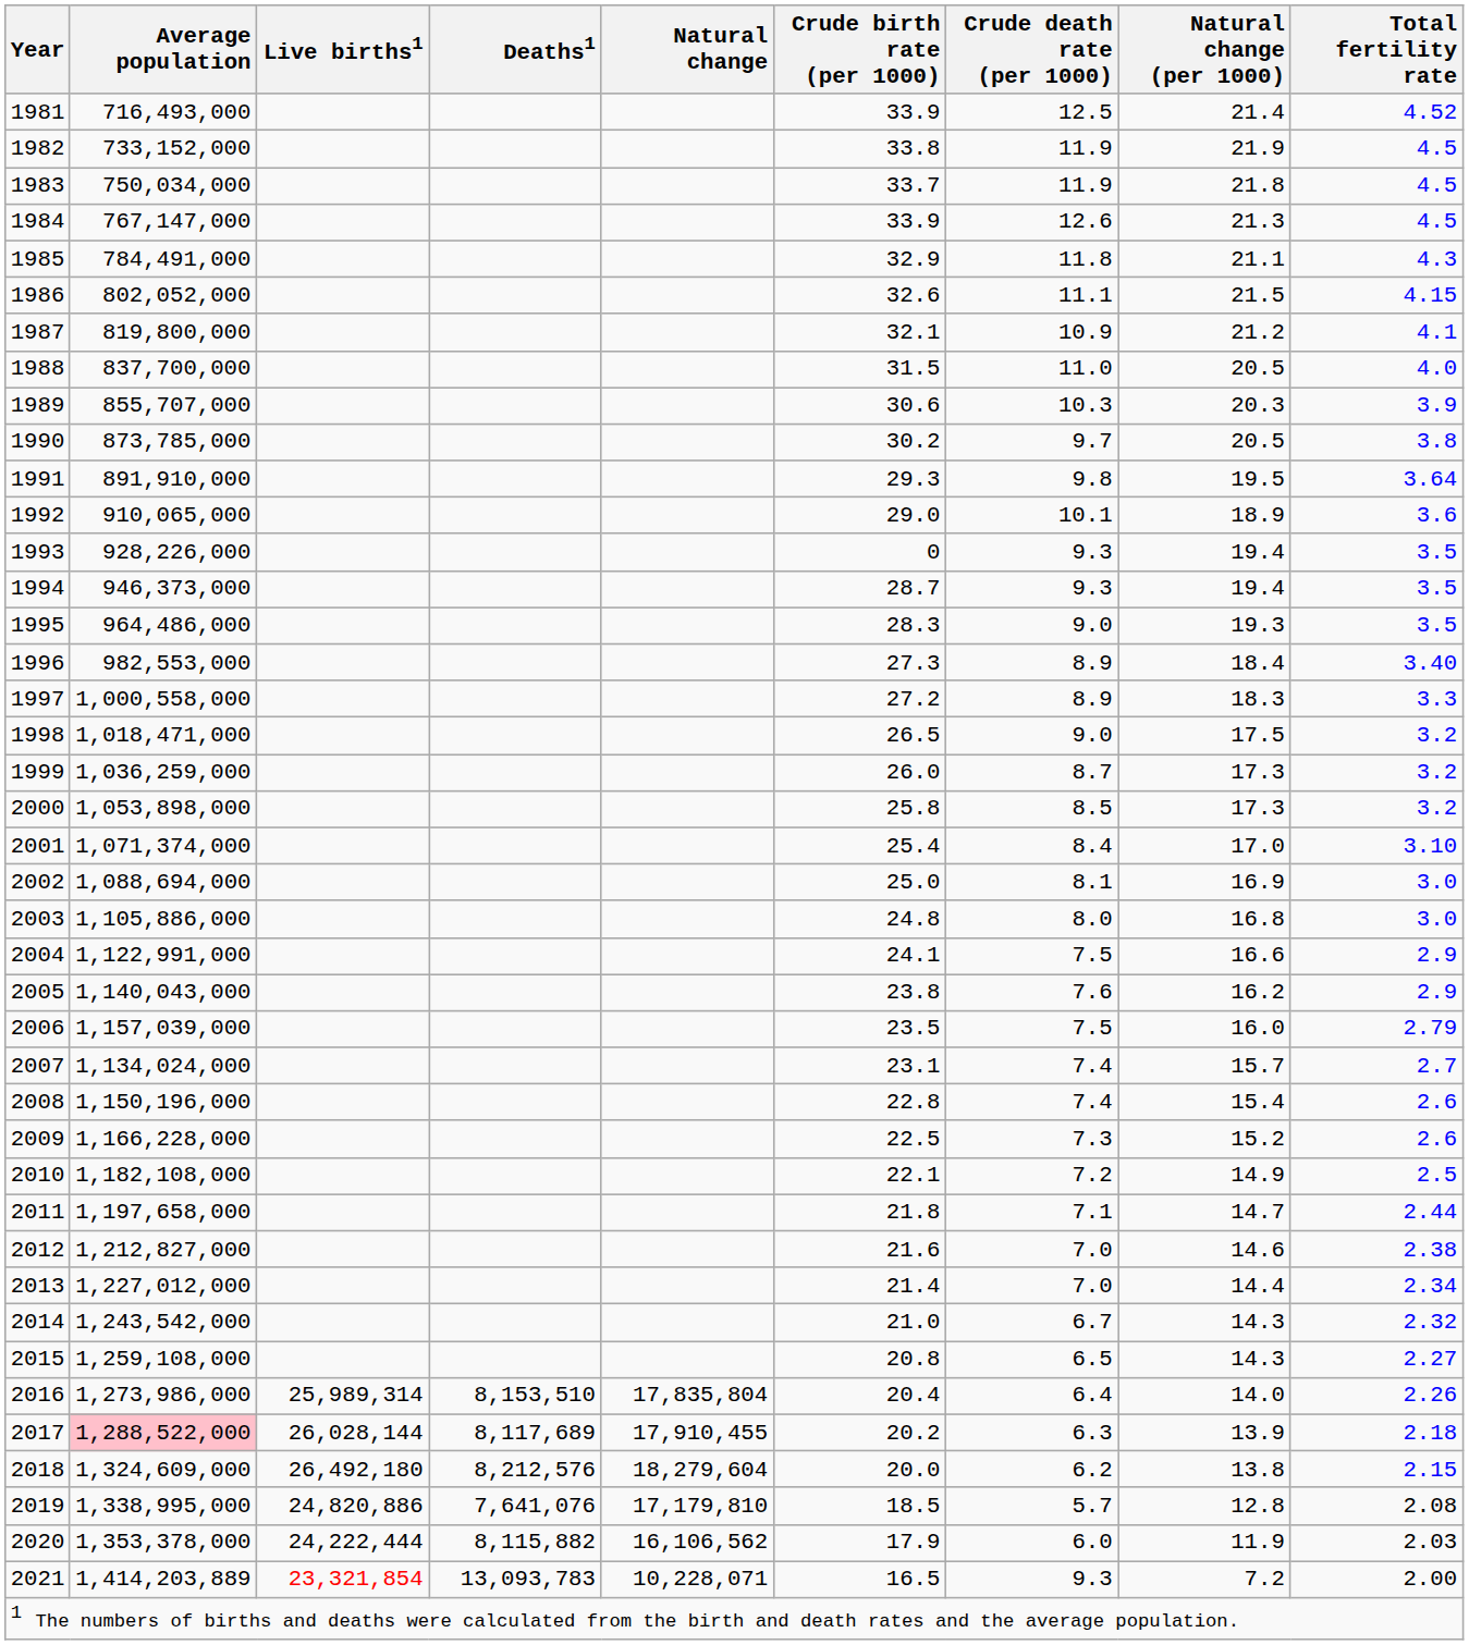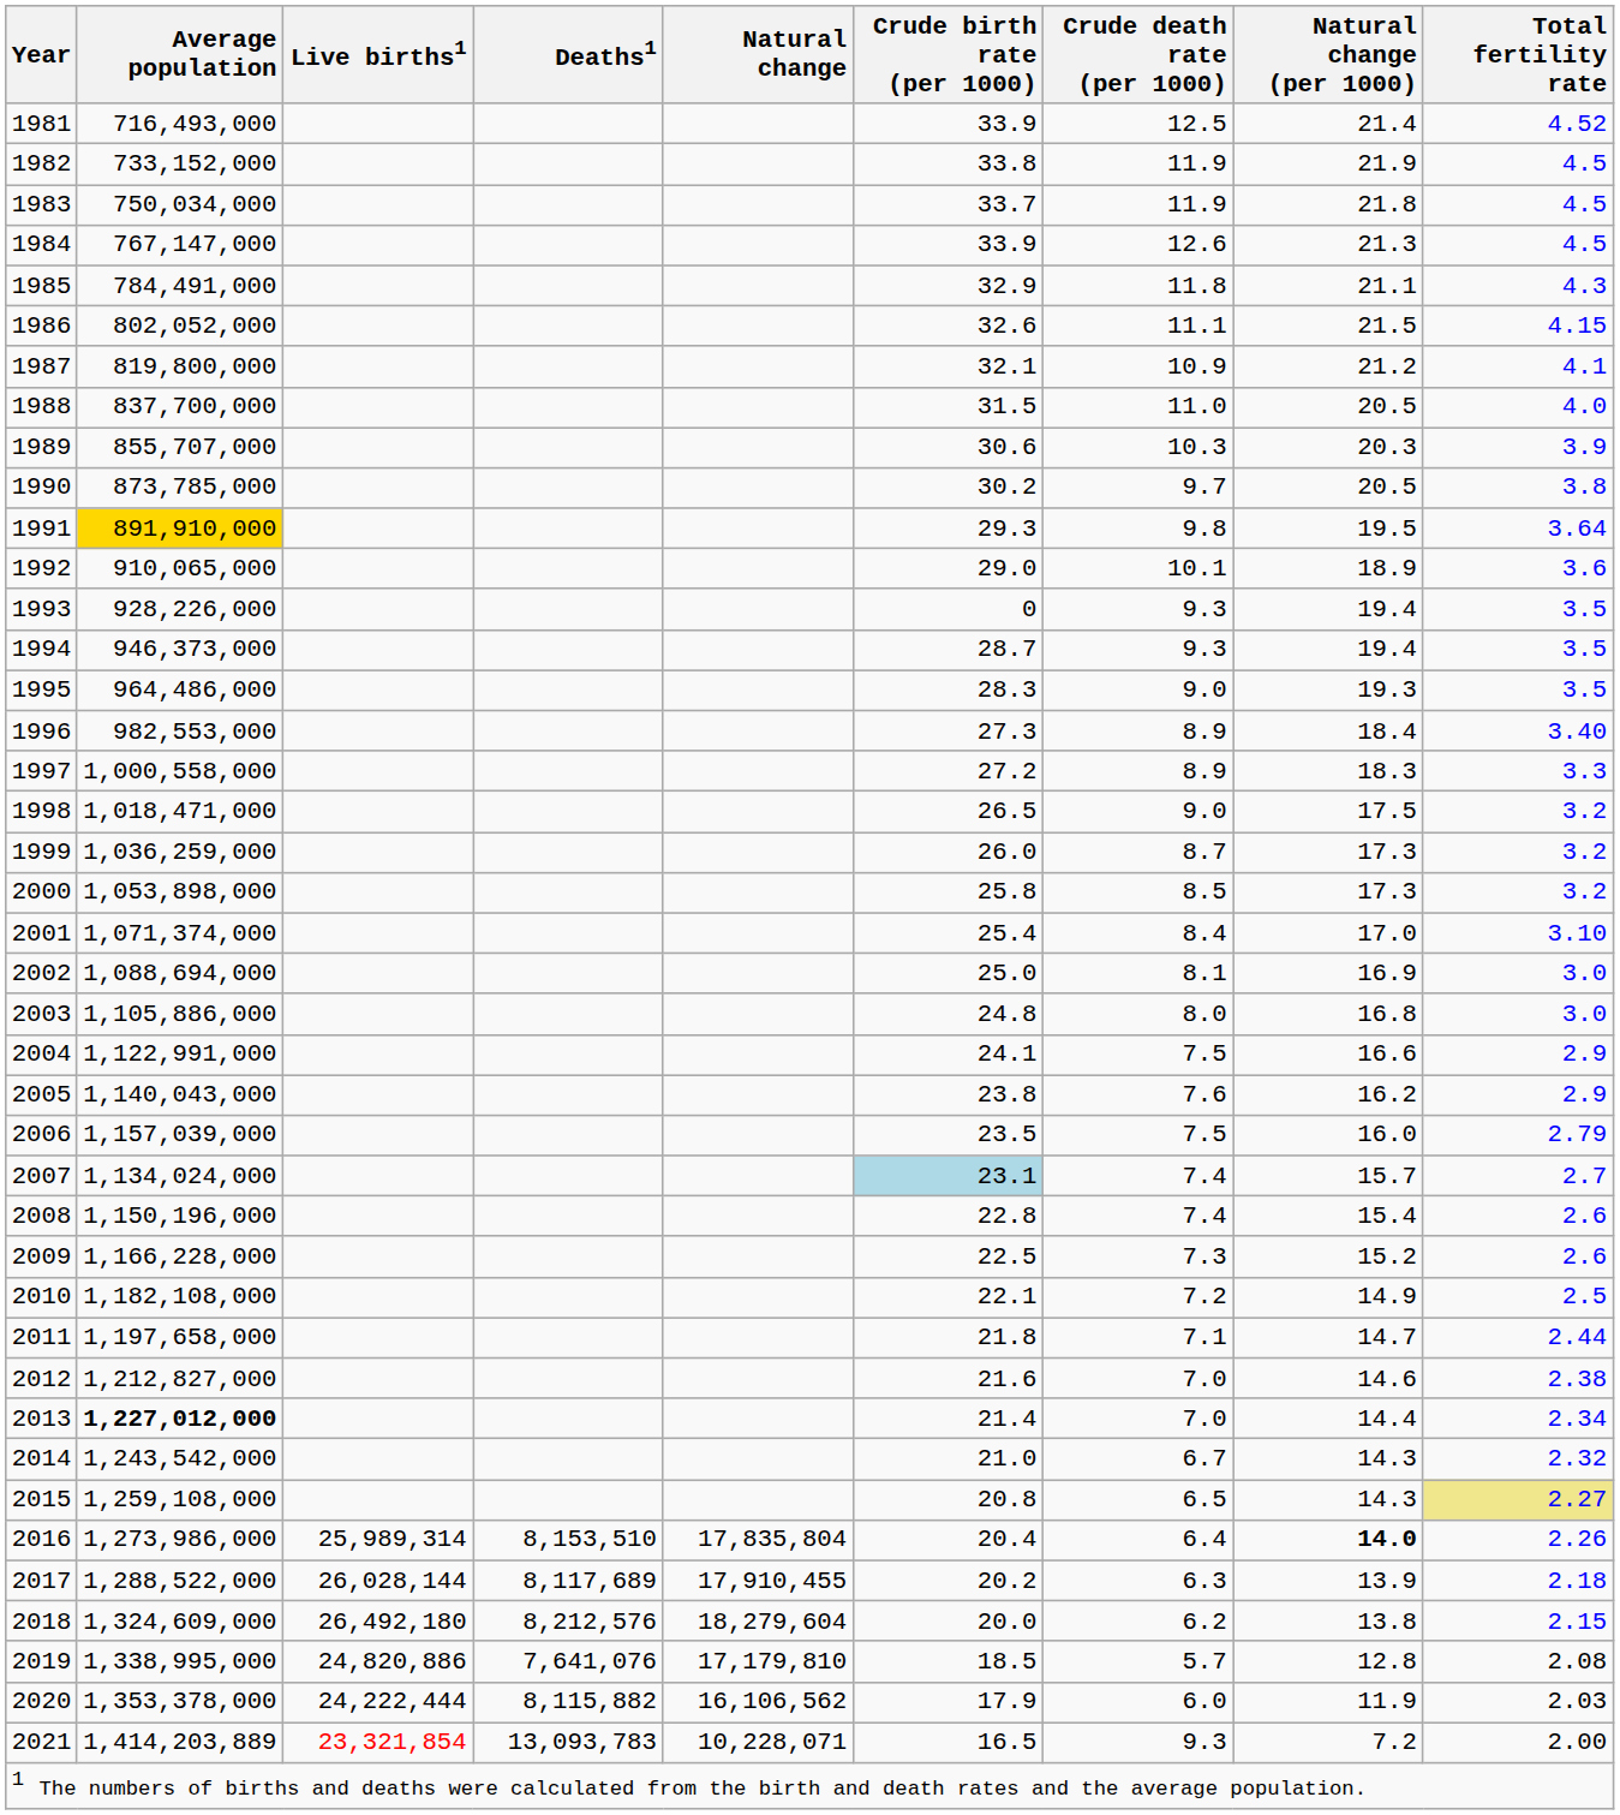 <table class="wikitable sortable">
 <tr>
 <th scope="col" style="text-align: left;">Year</th>
 <th scope="col" style="text-align: right; width: 70pt;" data-sort-type="number">Average population<br></th>
 <th scope="col" style="text-align: right; width: 70pt;" data-sort-type="number">Live births<sup>1</sup></th>
 <th scope="col" style="text-align: right; width: 70pt;" data-sort-type="number">Deaths<sup>1</sup></th>
 <th scope="col" style="text-align: right; width: 70pt;" data-sort-type="number">Natural change</th>
 <th scope="col" style="text-align: right; width: 70pt;" data-sort-type="number">Crude birth rate<br>(per 1000)</th>
 <th scope="col" style="text-align: right; width: 70pt;" data-sort-type="number">Crude death rate<br>(per 1000)</th>
 <th scope="col" style="text-align: right; width: 70pt;" data-sort-type="number">Natural change<br>(per 1000)</th>
 <th scope="col" style="text-align: right; width: 70pt;" data-sort-type="number">Total fertility rate</th>
 </tr>
 <tr>
 <td>1981</td>
 <td style="text-align: right;">716,493,000</td>
 <td style="text-align: right;"></td>
 <td style="text-align: right;"></td>
 <td style="text-align: right;"></td>
 <td style="text-align: right;">33.9</td>
 <td style="text-align: right;">12.5</td>
 <td style="text-align: right;">21.4</td>
 <td style="text-align: right; color:blue;">4.52</td>
 </tr>
 <tr>
 <td>1982</td>
 <td style="text-align: right;">733,152,000</td>
 <td style="text-align: right;"></td>
 <td style="text-align: right;"></td>
 <td style="text-align: right;"></td>
 <td style="text-align: right;">33.8</td>
 <td style="text-align: right;">11.9</td>
 <td style="text-align: right;">21.9</td>
 <td style="text-align: right; color:blue;">4.5</td>
 </tr>
 <tr>
 <td>1983</td>
 <td style="text-align: right;">750,034,000</td>
 <td style="text-align: right;"></td>
 <td style="text-align: right;"></td>
 <td style="text-align: right;"></td>
 <td style="text-align: right;">33.7</td>
 <td style="text-align: right;">11.9</td>
 <td style="text-align: right;">21.8</td>
 <td style="text-align: right; color:blue;">4.5</td>
 </tr>
 <tr>
 <td>1984</td>
 <td style="text-align: right;">767,147,000</td>
 <td style="text-align: right;"></td>
 <td style="text-align: right;"></td>
 <td style="text-align: right;"></td>
 <td style="text-align: right;">33.9</td>
 <td style="text-align: right;">12.6</td>
 <td style="text-align: right;">21.3</td>
 <td style="text-align: right; color:blue;">4.5</td>
 </tr>
 <tr>
 <td>1985</td>
 <td style="text-align: right;">784,491,000</td>
 <td style="text-align: right;"></td>
 <td style="text-align: right;"></td>
 <td style="text-align: right;"></td>
 <td style="text-align: right;">32.9</td>
 <td style="text-align: right;">11.8</td>
 <td style="text-align: right;">21.1</td>
 <td style="text-align: right; color:blue;">4.3</td>
 </tr>
 <tr>
 <td>1986</td>
 <td style="text-align: right;">802,052,000</td>
 <td style="text-align: right;"></td>
 <td style="text-align: right;"></td>
 <td style="text-align: right;"></td>
 <td style="text-align: right;">32.6</td>
 <td style="text-align: right;">11.1</td>
 <td style="text-align: right;">21.5</td>
 <td style="text-align: right; color:blue;">4.15</td>
 </tr>
 <tr>
 <td>1987</td>
 <td style="text-align: right;">819,800,000</td>
 <td style="text-align: right;"></td>
 <td style="text-align: right;"></td>
 <td style="text-align: right;"></td>
 <td style="text-align: right;">32.1</td>
 <td style="text-align: right;">10.9</td>
 <td style="text-align: right;">21.2</td>
 <td style="text-align: right; color:blue;">4.1</td>
 </tr>
 <tr>
 <td>1988</td>
 <td style="text-align: right;">837,700,000</td>
 <td style="text-align: right;"></td>
 <td style="text-align: right;"></td>
 <td style="text-align: right;"></td>
 <td style="text-align: right;">31.5</td>
 <td style="text-align: right;">11.0</td>
 <td style="text-align: right;">20.5</td>
 <td style="text-align: right; color:blue;">4.0</td>
 </tr>
 <tr>
 <td>1989</td>
 <td style="text-align: right;">855,707,000</td>
 <td style="text-align: right;"></td>
 <td style="text-align: right;"></td>
 <td style="text-align: right;"></td>
 <td style="text-align: right;">30.6</td>
 <td style="text-align: right;">10.3</td>
 <td style="text-align: right;">20.3</td>
 <td style="text-align: right; color:blue;">3.9</td>
 </tr>
 <tr>
 <td>1990</td>
 <td style="text-align: right;">873,785,000</td>
 <td style="text-align: right;"></td>
 <td style="text-align: right;"></td>
 <td style="text-align: right;"></td>
 <td style="text-align: right;">30.2</td>
 <td style="text-align: right;">9.7</td>
 <td style="text-align: right;">20.5</td>
 <td style="text-align: right; color:blue;">3.8</td>
 </tr>
 <tr>
 <td>1991</td>
-<td style="text-align: right;">891,910,000</td>
+<td style="background: gold; text-align: right;">891,910,000</td>
 <td style="text-align: right;"></td>
 <td style="text-align: right;"></td>
 <td style="text-align: right;"></td>
 <td style="text-align: right;">29.3</td>
 <td style="text-align: right;">9.8</td>
 <td style="text-align: right;">19.5</td>
 <td style="text-align: right; color:blue;">3.64</td>
 </tr>
 <tr>
 <td>1992</td>
 <td style="text-align: right;">910,065,000</td>
 <td style="text-align: right;"></td>
 <td style="text-align: right;"></td>
 <td style="text-align: right;"></td>
 <td style="text-align: right;">29.0</td>
 <td style="text-align: right;">10.1</td>
 <td style="text-align: right;">18.9</td>
 <td style="text-align: right; color:blue;">3.6</td>
 </tr>
 <tr>
 <td>1993</td>
 <td style="text-align: right;">928,226,000</td>
 <td style="text-align: right;"></td>
 <td style="text-align: right;"></td>
 <td style="text-align: right;"></td>
 <td style="text-align: right;">0</td>
 <td style="text-align: right;">9.3</td>
 <td style="text-align: right;">19.4</td>
 <td style="text-align: right; color:blue;">3.5</td>
 </tr>
 <tr>
 <td>1994</td>
 <td style="text-align: right;">946,373,000</td>
 <td style="text-align: right;"></td>
 <td style="text-align: right;"></td>
 <td style="text-align: right;"></td>
 <td style="text-align: right;">28.7</td>
 <td style="text-align: right;">9.3</td>
 <td style="text-align: right;">19.4</td>
 <td style="text-align: right; color:blue;">3.5</td>
 </tr>
 <tr>
 <td>1995</td>
 <td style="text-align: right;">964,486,000</td>
 <td style="text-align: right;"></td>
 <td style="text-align: right;"></td>
 <td style="text-align: right;"></td>
 <td style="text-align: right;">28.3</td>
 <td style="text-align: right;">9.0</td>
 <td style="text-align: right;">19.3</td>
 <td style="text-align: right; color:blue;">3.5</td>
 </tr>
 <tr>
 <td>1996</td>
 <td style="text-align: right;">982,553,000</td>
 <td style="text-align: right;"></td>
 <td style="text-align: right;"></td>
 <td style="text-align: right;"></td>
 <td style="text-align: right;">27.3</td>
 <td style="text-align: right;">8.9</td>
 <td style="text-align: right;">18.4</td>
 <td style="text-align: right; color:blue;">3.40</td>
 </tr>
 <tr>
 <td>1997</td>
 <td style="text-align: right;">1,000,558,000</td>
 <td style="text-align: right;"></td>
 <td style="text-align: right;"></td>
 <td style="text-align: right;"></td>
 <td style="text-align: right;">27.2</td>
 <td style="text-align: right;">8.9</td>
 <td style="text-align: right;">18.3</td>
 <td style="text-align: right; color:blue;">3.3</td>
 </tr>
 <tr>
 <td>1998</td>
 <td style="text-align: right;">1,018,471,000</td>
 <td style="text-align: right;"></td>
 <td style="text-align: right;"></td>
 <td style="text-align: right;"></td>
 <td style="text-align: right;">26.5</td>
 <td style="text-align: right;">9.0</td>
 <td style="text-align: right;">17.5</td>
 <td style="text-align: right; color:blue;">3.2</td>
 </tr>
 <tr>
 <td>1999</td>
 <td style="text-align: right;">1,036,259,000</td>
 <td style="text-align: right;"></td>
 <td style="text-align: right;"></td>
 <td style="text-align: right;"></td>
 <td style="text-align: right;">26.0</td>
 <td style="text-align: right;">8.7</td>
 <td style="text-align: right;">17.3</td>
 <td style="text-align: right; color:blue;">3.2</td>
 </tr>
 <tr>
 <td>2000</td>
 <td style="text-align: right;">1,053,898,000</td>
 <td style="text-align: right;"></td>
 <td style="text-align: right;"></td>
 <td style="text-align: right;"></td>
 <td style="text-align: right;">25.8</td>
 <td style="text-align: right;">8.5</td>
 <td style="text-align: right;">17.3</td>
 <td style="text-align: right; color:blue;">3.2</td>
 </tr>
 <tr>
 <td>2001</td>
 <td style="text-align: right;">1,071,374,000</td>
 <td style="text-align: right;"></td>
 <td style="text-align: right;"></td>
 <td style="text-align: right;"></td>
 <td style="text-align: right;">25.4</td>
 <td style="text-align: right;">8.4</td>
 <td style="text-align: right;">17.0</td>
 <td style="text-align: right; color:blue;">3.10</td>
 </tr>
 <tr>
 <td>2002</td>
 <td style="text-align: right;">1,088,694,000</td>
 <td style="text-align: right;"></td>
 <td style="text-align: right;"></td>
 <td style="text-align: right;"></td>
 <td style="text-align: right;">25.0</td>
 <td style="text-align: right;">8.1</td>
 <td style="text-align: right;">16.9</td>
 <td style="text-align: right; color:blue;">3.0</td>
 </tr>
 <tr>
 <td>2003</td>
 <td style="text-align: right;">1,105,886,000</td>
 <td style="text-align: right; color:blue"></td>
 <td style="text-align: right;"></td>
 <td style="text-align: right;"></td>
 <td style="text-align: right;">24.8</td>
 <td style="text-align: right;">8.0</td>
 <td style="text-align: right;">16.8</td>
 <td style="text-align: right; color:blue;">3.0</td>
 </tr>
 <tr>
 <td>2004</td>
 <td style="text-align: right;">1,122,991,000</td>
 <td style="text-align: right;"></td>
 <td style="text-align: right;"></td>
 <td style="text-align: right;"></td>
 <td style="text-align: right;">24.1</td>
 <td style="text-align: right;">7.5</td>
 <td style="text-align: right;">16.6</td>
 <td style="text-align: right; color:blue;">2.9</td>
 </tr>
 <tr>
 <td>2005</td>
 <td style="text-align: right;">1,140,043,000</td>
 <td style="text-align: right;"></td>
 <td style="text-align: right;"></td>
 <td style="text-align: right;"></td>
 <td style="text-align: right;">23.8</td>
 <td style="text-align: right;">7.6</td>
 <td style="text-align: right;">16.2</td>
 <td style="text-align: right; color:blue;">2.9</td>
 </tr>
 <tr>
 <td>2006</td>
 <td style="text-align: right;">1,157,039,000</td>
 <td style="text-align: right;"></td>
 <td style="text-align: right;"></td>
 <td style="text-align: right;"></td>
 <td style="text-align: right;">23.5</td>
 <td style="text-align: right;">7.5</td>
 <td style="text-align: right;">16.0</td>
 <td style="text-align: right; color:blue;">2.79</td>
 </tr>
 <tr>
 <td>2007</td>
 <td style="text-align: right;">1,134,024,000</td>
 <td style="text-align: right;"></td>
 <td style="text-align: right;"></td>
 <td style="text-align: right;"></td>
-<td style="text-align: right;">23.1</td>
+<td style="background: lightblue; text-align: right;">23.1</td>
 <td style="text-align: right;">7.4</td>
 <td style="text-align: right;">15.7</td>
 <td style="text-align: right; color:blue;">2.7</td>
 </tr>
 <tr>
 <td>2008</td>
 <td style="text-align: right;">1,150,196,000</td>
 <td style="text-align: right;"></td>
 <td style="text-align: right;"></td>
 <td style="text-align: right;"></td>
 <td style="text-align: right;">22.8</td>
 <td style="text-align: right;">7.4</td>
 <td style="text-align: right;">15.4</td>
 <td style="text-align: right; color:blue;">2.6</td>
 </tr>
 <tr>
 <td>2009</td>
 <td style="text-align: right;">1,166,228,000</td>
 <td style="text-align: right;"></td>
 <td style="text-align: right;"></td>
 <td style="text-align: right;"></td>
 <td style="text-align: right;">22.5</td>
 <td style="text-align: right;">7.3</td>
 <td style="text-align: right;">15.2</td>
 <td style="text-align: right; color:blue;">2.6</td>
 </tr>
 <tr>
 <td>2010</td>
 <td style="text-align: right;">1,182,108,000</td>
 <td style="text-align: right;"></td>
 <td style="text-align: right;"></td>
 <td style="text-align: right;"></td>
 <td style="text-align: right;">22.1</td>
 <td style="text-align: right;">7.2</td>
 <td style="text-align: right;">14.9</td>
 <td style="text-align: right; color:blue;">2.5</td>
 </tr>
 <tr>
 <td>2011</td>
 <td style="text-align: right;">1,197,658,000</td>
 <td style="text-align: right;"></td>
 <td style="text-align: right;"></td>
 <td style="text-align: right;"></td>
 <td style="text-align: right;">21.8</td>
 <td style="text-align: right;">7.1</td>
 <td style="text-align: right;">14.7</td>
 <td style="text-align: right; color:blue;">2.44</td>
 </tr>
 <tr>
 <td>2012</td>
 <td style="text-align: right;">1,212,827,000</td>
 <td style="text-align: right;"></td>
 <td style="text-align: right;"></td>
 <td style="text-align: right;"></td>
 <td style="text-align: right;">21.6</td>
 <td style="text-align: right;">7.0</td>
 <td style="text-align: right;">14.6</td>
 <td style="text-align: right; color:blue;">2.38</td>
 </tr>
 <tr>
 <td>2013</td>
-<td style="text-align: right;">1,227,012,000</td>
+<td style="text-align: right;"><strong>1,227,012,000</strong></td>
 <td style="text-align: right;"></td>
 <td style="text-align: right;"></td>
 <td style="text-align: right;"></td>
 <td style="text-align: right;">21.4</td>
 <td style="text-align: right;">7.0</td>
 <td style="text-align: right;">14.4</td>
 <td style="text-align: right; color:blue;">2.34</td>
 </tr>
 <tr>
 <td>2014</td>
 <td style="text-align: right;">1,243,542,000</td>
 <td style="text-align: right;"></td>
 <td style="text-align: right;"></td>
 <td style="text-align: right;"></td>
 <td style="text-align: right;">21.0</td>
 <td style="text-align: right;">6.7</td>
 <td style="text-align: right;">14.3</td>
 <td style="text-align: right; color:blue;">2.32</td>
 </tr>
 <tr>
 <td>2015</td>
 <td style="text-align: right;">1,259,108,000</td>
 <td style="text-align: right;"></td>
 <td style="text-align: right;"></td>
 <td style="text-align: right;"></td>
 <td style="text-align: right;">20.8</td>
 <td style="text-align: right;">6.5</td>
 <td style="text-align: right;">14.3</td>
-<td style="text-align: right; color:blue;">2.27</td>
+<td style="background: khaki; text-align: right; color:blue;">2.27</td>
 </tr>
 <tr>
 <td>2016</td>
 <td style="text-align: right;">1,273,986,000</td>
 <td style="text-align: right;">25,989,314</td>
 <td style="text-align: right;">8,153,510</td>
 <td style="text-align: right;">17,835,804</td>
 <td style="text-align: right;">20.4</td>
 <td style="text-align: right;">6.4</td>
-<td style="text-align: right;">14.0</td>
+<td style="text-align: right;"><strong>14.0</strong></td>
 <td style="text-align: right; color:blue;">2.26</td>
 </tr>
 <tr>
 <td>2017</td>
-<td style="background: pink; text-align: right;">1,288,522,000</td>
+<td style="text-align: right;">1,288,522,000</td>
 <td style="text-align: right;">26,028,144</td>
 <td style="text-align: right;">8,117,689</td>
 <td style="text-align: right;">17,910,455</td>
 <td style="text-align: right;">20.2</td>
 <td style="text-align: right;">6.3</td>
 <td style="text-align: right;">13.9</td>
 <td style="text-align: right; color:blue;">2.18</td>
 </tr>
 <tr>
 <td>2018</td>
 <td style="text-align: right;">1,324,609,000</td>
 <td style="text-align: right;">26,492,180</td>
 <td style="text-align: right;">8,212,576</td>
 <td style="text-align: right;">18,279,604</td>
 <td style="text-align: right;">20.0</td>
 <td style="text-align: right;">6.2</td>
 <td style="text-align: right;">13.8</td>
 <td style="text-align: right; color:blue;">2.15</td>
 </tr>
 <tr>
 <td>2019</td>
 <td style="text-align: right;">1,338,995,000</td>
 <td style="text-align: right;">24,820,886</td>
 <td style="text-align: right;">7,641,076</td>
 <td style="text-align: right;">17,179,810</td>
 <td style="text-align: right;">18.5</td>
 <td style="text-align: right;">5.7</td>
 <td style="text-align: right;">12.8</td>
 <td style="text-align: right;">2.08</td>
 </tr>
 <tr>
 <td>2020</td>
 <td style="text-align: right;">1,353,378,000</td>
 <td style="text-align: right;">24,222,444</td>
 <td style="text-align: right;">8,115,882</td>
 <td style="text-align: right;">16,106,562</td>
 <td style="text-align: right;">17.9</td>
 <td style="text-align: right;">6.0</td>
 <td style="text-align: right;">11.9</td>
 <td style="text-align: right;">2.03</td>
 </tr>
 <tr>
 <td>2021</td>
 <td style="text-align: right;">1,414,203,889</td>
 <td style="text-align: right; color:red;">23,321,854</td>
 <td style="text-align: right;">13,093,783</td>
 <td style="text-align: right;">10,228,071</td>
 <td style="text-align: right;">16.5</td>
 <td style="text-align: right;">9.3</td>
 <td style="text-align: right;">7.2</td>
 <td style="text-align: right;">2.00</td>
 </tr>
 <tr>
 <td colspan="9"><sup>1</sup> <small>The numbers of births and deaths were calculated from the birth and death rates and the average population.</small></td>
 </tr>
 </table>
